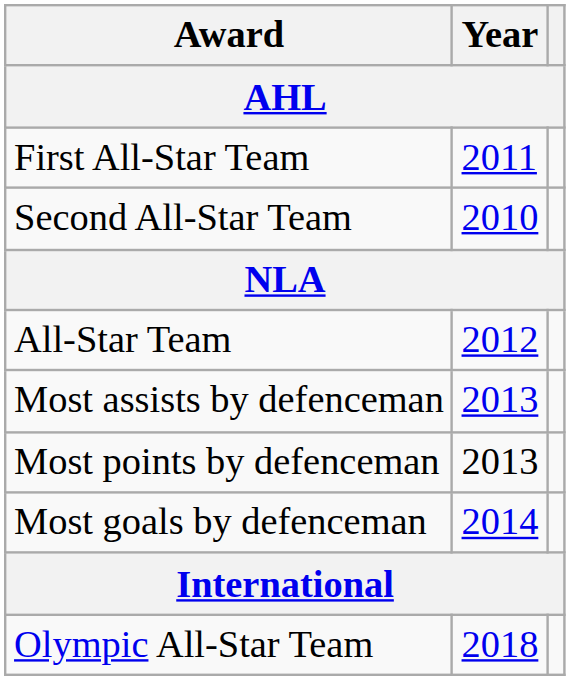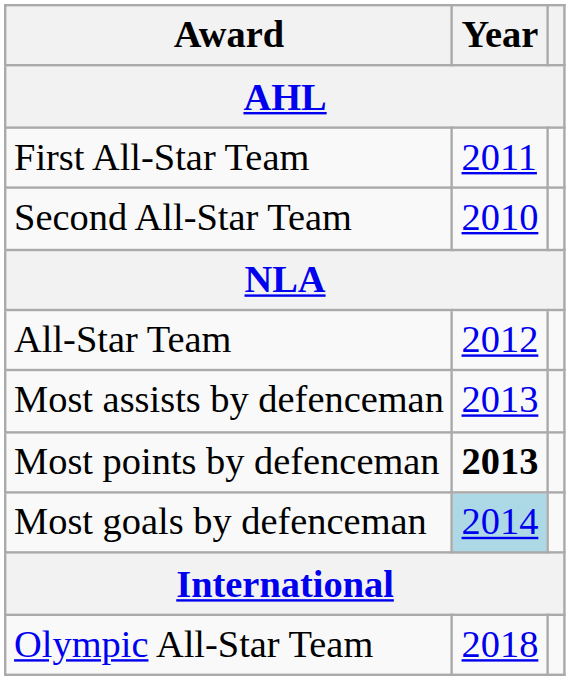 <table class="wikitable">
 <tr>
 <th>Award</th>
 <th>Year</th>
 <th></th>
 </tr>
 <tr>
 <th colspan="3"><a href='#'>AHL</a></th>
 </tr>
 <tr>
 <td>First All-Star Team</td>
 <td><a href='#'>2011</a></td>
 <td></td>
 </tr>
 <tr>
 <td>Second All-Star Team</td>
 <td><a href='#'>2010</a></td>
 <td></td>
 </tr>
 <tr>
 <th colspan="3"><a href='#'>NLA</a></th>
 </tr>
 <tr>
 <td>All-Star Team</td>
 <td><a href='#'>2012</a></td>
 <td></td>
 </tr>
 <tr>
 <td>Most assists by defenceman</td>
 <td><a href='#'>2013</a></td>
 <td></td>
 </tr>
 <tr>
 <td>Most points by defenceman</td>
-<td>2013</td>
+<td><strong>2013</strong></td>
 <td></td>
 </tr>
 <tr>
 <td>Most goals by defenceman</td>
-<td><a href='#'>2014</a></td>
+<td style="background: lightblue;"><a href='#'>2014</a></td>
 <td></td>
 </tr>
 <tr>
 <th colspan="3"><a href='#'>International</a></th>
 </tr>
 <tr>
 <td><a href='#'>Olympic</a> All-Star Team</td>
 <td><a href='#'>2018</a></td>
 <td></td>
 </tr>
 </table>
